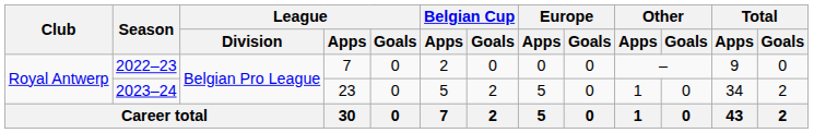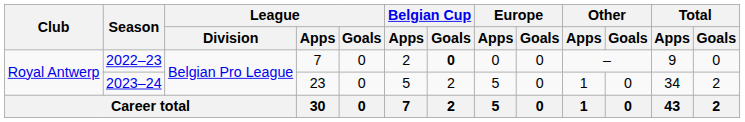 <table class="wikitable" style="text-align: center">
 <tr>
 <th rowspan="2">Club</th>
 <th rowspan="2">Season</th>
 <th colspan="3">League</th>
 <th colspan="2"><a href='#'>Belgian Cup</a></th>
 <th colspan="2">Europe</th>
 <th colspan="2">Other</th>
 <th colspan="2">Total</th>
 </tr>
 <tr>
 <th>Division</th>
 <th>Apps</th>
 <th>Goals</th>
 <th>Apps</th>
 <th>Goals</th>
 <th>Apps</th>
 <th>Goals</th>
 <th>Apps</th>
 <th>Goals</th>
 <th>Apps</th>
 <th>Goals</th>
 </tr>
 <tr>
 <td rowspan="2"><a href='#'>Royal Antwerp</a></td>
 <td><a href='#'>2022–23</a></td>
 <td rowspan="2"><a href='#'>Belgian Pro League</a></td>
 <td>7</td>
 <td>0</td>
 <td>2</td>
-<td>0</td>
+<td><strong>0</strong></td>
 <td>0</td>
 <td>0</td>
 <td colspan="2">–</td>
 <td>9</td>
 <td>0</td>
 </tr>
 <tr>
 <td><a href='#'>2023–24</a></td>
 <td>23</td>
 <td>0</td>
 <td>5</td>
 <td>2</td>
 <td>5</td>
 <td>0</td>
 <td>1</td>
 <td>0</td>
 <td>34</td>
 <td>2</td>
 </tr>
 <tr>
 <th colspan="3">Career total</th>
 <th>30</th>
 <th>0</th>
 <th>7</th>
 <th>2</th>
 <th>5</th>
 <th>0</th>
 <th>1</th>
 <th>0</th>
 <th>43</th>
 <th>2</th>
 </tr>
 </table>
